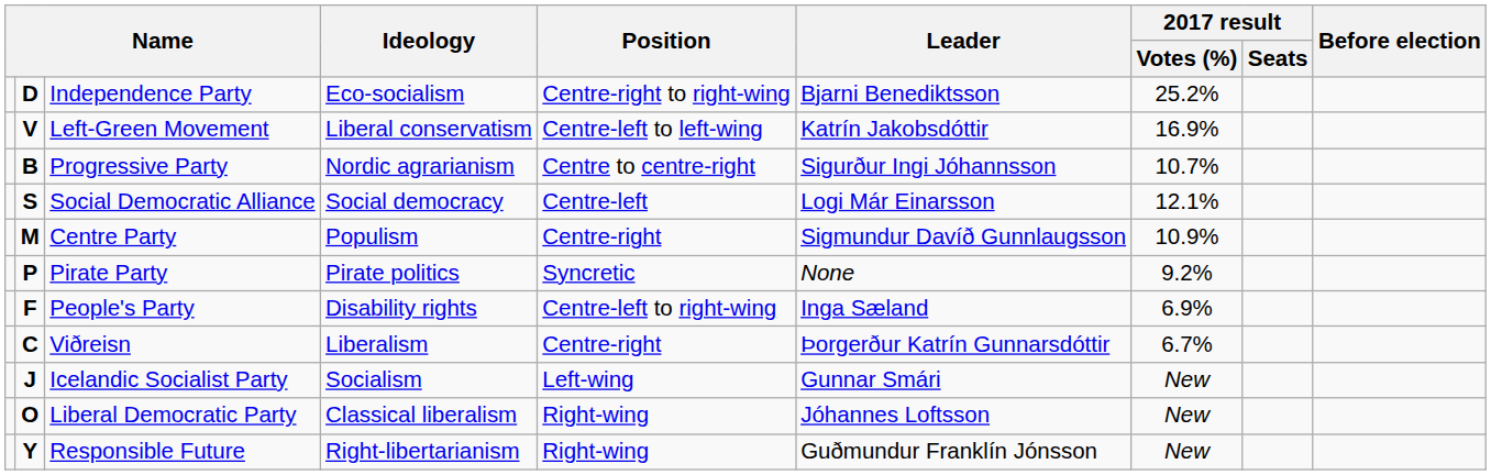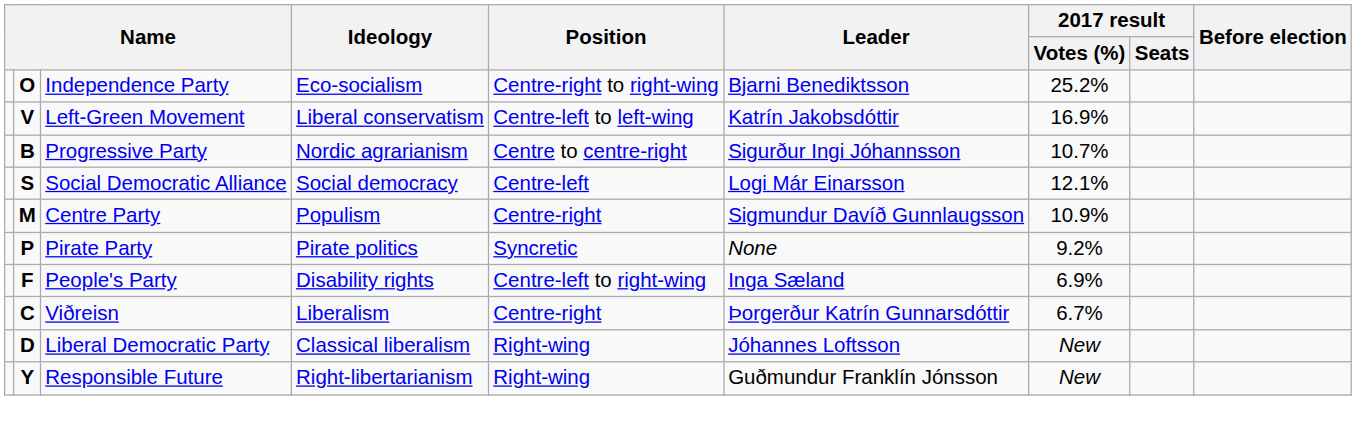 <table class="wikitable">
 <tr>
 <th rowspan="2" colspan="3">Name</th>
 <th rowspan="2">Ideology</th>
 <th rowspan="2">Position</th>
 <th rowspan="2">Leader</th>
 <th colspan="2">2017 result</th>
 <th rowspan="2">Before election</th>
 </tr>
 <tr>
 <th>Votes (%)</th>
 <th>Seats</th>
 </tr>
 <tr>
 <td style="background:"></td>
-<td style="text-align:center;"><strong>D</strong></td>
+<td style="text-align:center;"><strong>O</strong></td>
 <td><a href='#'>Independence Party</a><br></td>
 <td><a href='#'>Eco-socialism</a></td>
 <td><a href='#'>Centre-right</a> to <a href='#'>right-wing</a></td>
 <td><a href='#'>Bjarni Benediktsson</a></td>
 <td style="text-align:center;">25.2%</td>
 <td></td>
 <td></td>
 </tr>
 <tr>
 <td style="background:"></td>
 <td style="text-align:center;"><strong>V</strong></td>
 <td><a href='#'>Left-Green Movement</a><br></td>
 <td><a href='#'>Liberal conservatism</a></td>
 <td><a href='#'>Centre-left</a> to <a href='#'>left-wing</a></td>
 <td><a href='#'>Katrín Jakobsdóttir</a></td>
 <td style="text-align:center;">16.9%</td>
 <td></td>
 <td></td>
 </tr>
 <tr>
 <td style="background:"></td>
 <td style="text-align:center;"><strong>B</strong></td>
 <td><a href='#'>Progressive Party</a><br></td>
 <td><a href='#'>Nordic agrarianism</a></td>
 <td><a href='#'>Centre</a> to <a href='#'>centre-right</a></td>
 <td><a href='#'>Sigurður Ingi Jóhannsson</a></td>
 <td style="text-align:center;">10.7%</td>
 <td></td>
 <td></td>
 </tr>
 <tr>
 <td style="background:"></td>
 <td style="text-align:center;"><strong>S</strong></td>
 <td><a href='#'>Social Democratic Alliance</a><br></td>
 <td><a href='#'>Social democracy</a></td>
 <td><a href='#'>Centre-left</a></td>
 <td><a href='#'>Logi Már Einarsson</a></td>
 <td style="text-align:center;">12.1%</td>
 <td></td>
 <td></td>
 </tr>
 <tr>
 <td style="background:"></td>
 <td style="text-align:center;"><strong>M</strong></td>
 <td><a href='#'>Centre Party</a><br></td>
 <td><a href='#'>Populism</a></td>
 <td><a href='#'>Centre-right</a></td>
 <td><a href='#'>Sigmundur Davíð Gunnlaugsson</a></td>
 <td style="text-align:center;">10.9%</td>
 <td></td>
 <td></td>
 </tr>
 <tr>
 <td style="background:"></td>
 <td style="text-align:center;"><strong>P</strong></td>
 <td><a href='#'>Pirate Party</a><br></td>
 <td><a href='#'>Pirate politics</a></td>
 <td><a href='#'>Syncretic</a></td>
 <td><em>None</em></td>
 <td style="text-align:center;">9.2%</td>
 <td></td>
 <td></td>
 </tr>
 <tr>
 <td style="background:"></td>
 <td style="text-align:center;"><strong>F</strong></td>
 <td><a href='#'>People's Party</a><br></td>
 <td><a href='#'>Disability rights</a></td>
 <td><a href='#'>Centre-left</a> to <a href='#'>right-wing</a></td>
 <td><a href='#'>Inga Sæland</a></td>
 <td style="text-align:center;">6.9%</td>
 <td></td>
 <td></td>
 </tr>
 <tr>
 <td style="background:"></td>
 <td style="text-align:center;"><strong>C</strong></td>
 <td><a href='#'>Viðreisn</a></td>
 <td><a href='#'>Liberalism</a></td>
 <td><a href='#'>Centre-right</a></td>
 <td><a href='#'>Þorgerður Katrín Gunnarsdóttir</a></td>
 <td style="text-align:center;">6.7%</td>
 <td></td>
 <td></td>
 </tr>
 <tr>
 <td style="background:"></td>
-<td style="text-align:center;"><strong>J</strong></td>
-<td><a href='#'>Icelandic Socialist Party</a><br></td>
-<td><a href='#'>Socialism</a></td>
-<td><a href='#'>Left-wing</a></td>
-<td><a href='#'>Gunnar Smári</a></td>
-<td style="text-align:center;"><em>New</em></td>
-<td></td>
-<td></td>
-</tr>
-<tr>
-<td style="background:"></td>
-<td style="text-align:center;"><strong>O</strong></td>
+<td style="text-align:center;"><strong>D</strong></td>
 <td><a href='#'>Liberal Democratic Party</a><br></td>
 <td><a href='#'>Classical liberalism</a></td>
 <td><a href='#'>Right-wing</a></td>
 <td><a href='#'>Jóhannes Loftsson</a></td>
 <td style="text-align:center;"><em>New</em></td>
 <td></td>
 <td></td>
 </tr>
 <tr>
 <td style="background:"></td>
 <td style="text-align:center;"><strong>Y</strong></td>
 <td><a href='#'>Responsible Future</a><br></td>
 <td><a href='#'>Right-libertarianism</a></td>
 <td><a href='#'>Right-wing</a></td>
 <td>Guðmundur Franklín Jónsson</td>
 <td style="text-align:center;"><em>New</em></td>
 <td></td>
 <td></td>
 </tr>
 </table>
